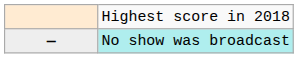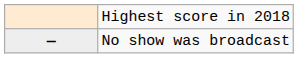 <table class="wikitable">
 <tr>
 <th width="75px" style="background:#FFEBD2; text-align:center" scope="row"></th>
 <td>Highest score in 2018</td>
 </tr>
 <tr>
 <th width="75px" style="background:#eee; text-align:center" scope="row">—</th>
-<td style="background: paleturquoise;">No show was broadcast</td>
+<td>No show was broadcast</td>
 </tr>
 </table>
